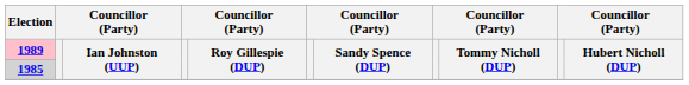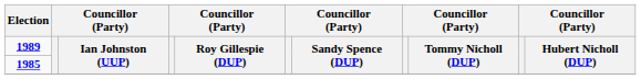 <table class="wikitable" style="text-align:center">
 <tr>
 <th scope="col" width="50">Election</th>
 <th scope="col" width="150" colspan = "2">Councillor<br> (Party)</th>
 <th scope="col" width="150" colspan = "2">Councillor<br> (Party)</th>
 <th scope="col" width="150" colspan = "2">Councillor<br> (Party)</th>
 <th scope="col" width="150" colspan = "2">Councillor<br> (Party)</th>
 <th scope="col" width="150" colspan = "2">Councillor<br> (Party)</th>
 </tr>
 <tr>
-<td style="background: pink;"><strong><a href='#'>1989</a></strong></td>
+<td><strong><a href='#'>1989</a></strong></td>
 <th rowspan="2" width="1" style="background-color: "></th>
 <th rowspan = "2">Ian Johnston <br> (<a href='#'>UUP</a>)</th>
 <th rowspan="2" width="1" style="background-color: "></th>
 <th rowspan = "2">Roy Gillespie <br> (<a href='#'>DUP</a>)</th>
 <th rowspan="2" width="1" style="background-color: "></th>
 <th rowspan = "2">Sandy Spence <br> (<a href='#'>DUP</a>)</th>
 <th rowspan="2" width="1" style="background-color: "></th>
 <th rowspan = "2">Tommy Nicholl <br> (<a href='#'>DUP</a>)</th>
 <th rowspan="2" width="1" style="background-color: "></th>
 <th rowspan = "2">Hubert Nicholl <br> (<a href='#'>DUP</a>)</th>
 </tr>
 <tr>
-<td style="background: lightgrey;"><strong><a href='#'>1985</a></strong></td>
+<td><strong><a href='#'>1985</a></strong></td>
 </tr>
 <tr>
 </tr>
 </table>
